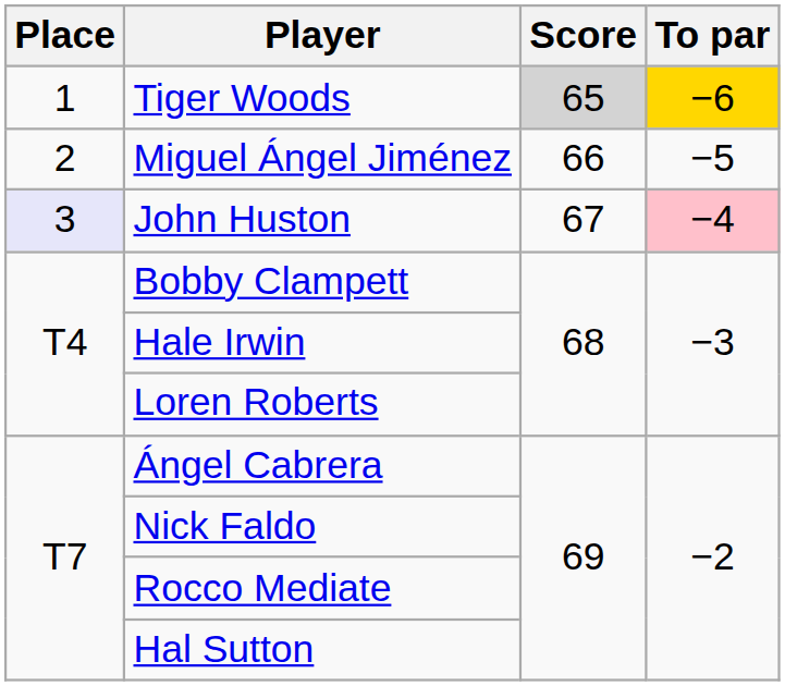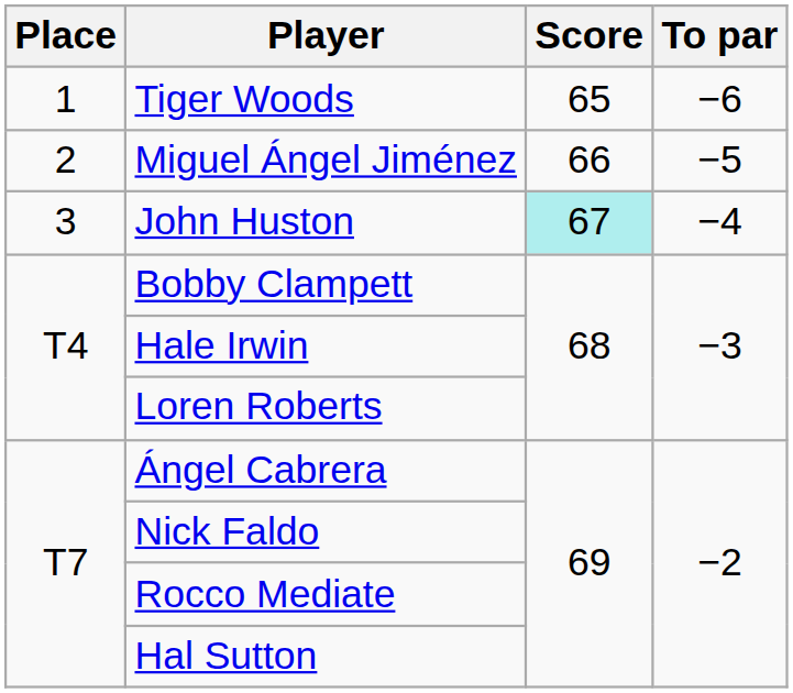 <table class="wikitable">
 <tr>
 <th>Place</th>
 <th>Player</th>
 <th>Score</th>
 <th>To par</th>
 </tr>
 <tr>
 <td align=center>1</td>
 <td> <a href='#'>Tiger Woods</a></td>
-<td align=center style="background: lightgrey;">65</td>
-<td align=center style="background: gold;">−6</td>
+<td align=center>65</td>
+<td align=center>−6</td>
 </tr>
 <tr>
 <td align=center>2</td>
 <td> <a href='#'>Miguel Ángel Jiménez</a></td>
 <td align=center>66</td>
 <td align=center>−5</td>
 </tr>
 <tr>
-<td align=center style="background: lavender;">3</td>
+<td align=center>3</td>
 <td> <a href='#'>John Huston</a></td>
-<td align=center>67</td>
-<td align=center style="background: pink;">−4</td>
+<td align=center style="background: paleturquoise;">67</td>
+<td align=center>−4</td>
 </tr>
 <tr>
 <td rowspan="3" align=center>T4</td>
 <td> <a href='#'>Bobby Clampett</a></td>
 <td rowspan="3" align=center>68</td>
 <td rowspan="3" align=center>−3</td>
 </tr>
 <tr>
 <td> <a href='#'>Hale Irwin</a></td>
 </tr>
 <tr>
 <td> <a href='#'>Loren Roberts</a></td>
 </tr>
 <tr>
 <td rowspan="4" align=center>T7</td>
 <td> <a href='#'>Ángel Cabrera</a></td>
 <td rowspan="4" align=center>69</td>
 <td rowspan="4" align=center>−2</td>
 </tr>
 <tr>
 <td> <a href='#'>Nick Faldo</a></td>
 </tr>
 <tr>
 <td> <a href='#'>Rocco Mediate</a></td>
 </tr>
 <tr>
 <td> <a href='#'>Hal Sutton</a></td>
 </tr>
 </table>
